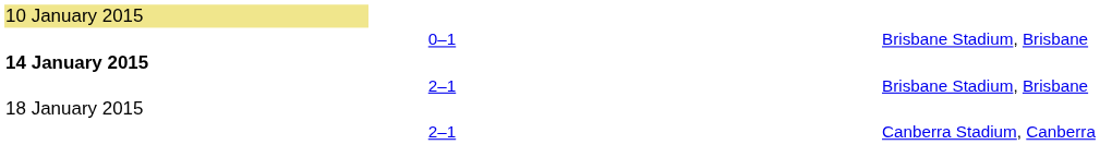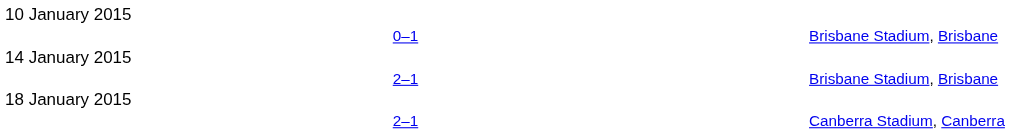 <table style="width:100%" cellspacing="1">
 <tr>
 <th width=25%></th>
 <th width=10%></th>
 <th width=25%></th>
 </tr>
 <tr>
-<td style="background: khaki;">10 January 2015</td>
+<td>10 January 2015</td>
 </tr>
 <tr style=font-size:90%>
 <td align=right></td>
 <td align=center><a href='#'>0–1</a></td>
 <td></td>
 <td><a href='#'>Brisbane Stadium</a>, <a href='#'>Brisbane</a></td>
 </tr>
 <tr>
-<td><strong>14 January 2015</strong></td>
+<td>14 January 2015</td>
 </tr>
 <tr style=font-size:90%>
 <td align=right></td>
 <td align=center><a href='#'>2–1</a></td>
 <td></td>
 <td><a href='#'>Brisbane Stadium</a>, <a href='#'>Brisbane</a></td>
 </tr>
 <tr>
 <td>18 January 2015</td>
 </tr>
 <tr style=font-size:90%>
 <td align=right></td>
 <td align=center><a href='#'>2–1</a></td>
 <td></td>
 <td><a href='#'>Canberra Stadium</a>, <a href='#'>Canberra</a></td>
 </tr>
 </table>
